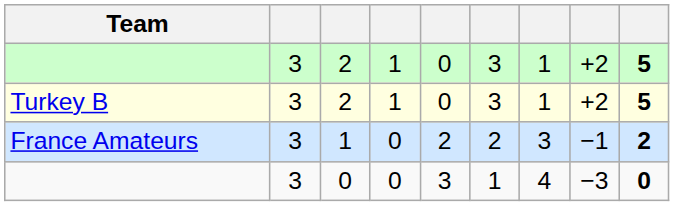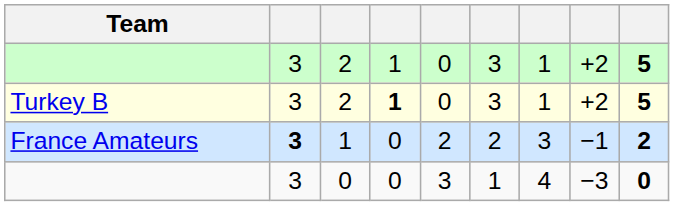 <table class="wikitable" style="text-align:center">
 <tr>
 <th width=165>Team</th>
 <th width=25></th>
 <th width=25></th>
 <th width=25></th>
 <th width=25></th>
 <th width=25></th>
 <th width=25></th>
 <th width=25></th>
 <th width=25></th>
 </tr>
 <tr style="background:#cfc">
 <td align="left"></td>
 <td>3</td>
 <td>2</td>
 <td>1</td>
 <td>0</td>
 <td>3</td>
 <td>1</td>
 <td>+2</td>
 <td><strong>5</strong></td>
 </tr>
 <tr style="background:#ffffe0">
 <td align="left"> <a href='#'>Turkey B</a></td>
 <td>3</td>
 <td>2</td>
-<td>1</td>
+<td><strong>1</strong></td>
 <td>0</td>
 <td>3</td>
 <td>1</td>
 <td>+2</td>
 <td><strong>5</strong></td>
 </tr>
 <tr style="background:#d0e7ff">
 <td align="left"> <a href='#'>France Amateurs</a></td>
-<td>3</td>
+<td><strong>3</strong></td>
 <td>1</td>
 <td>0</td>
 <td>2</td>
 <td>2</td>
 <td>3</td>
 <td>−1</td>
 <td><strong>2</strong></td>
 </tr>
 <tr>
 <td align="left"></td>
 <td>3</td>
 <td>0</td>
 <td>0</td>
 <td>3</td>
 <td>1</td>
 <td>4</td>
 <td>−3</td>
 <td><strong>0</strong></td>
 </tr>
 </table>
